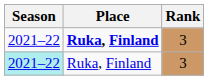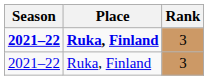 <table class="wikitable sortable" style="text-align:center;">
 <tr>
 <th>Season</th>
 <th>Place</th>
 <th>Rank</th>
 </tr>
 <tr>
-<td><a href='#'>2021–22</a></td>
+<td><strong><a href='#'>2021–22</a></strong></td>
 <td style="text-align:left;"><strong> <a href='#'>Ruka</a>, <a href='#'>Finland</a></strong></td>
 <td bgcolor="cc9966">3</td>
 </tr>
 <tr>
-<td style="background: paleturquoise;"><a href='#'>2021–22</a></td>
+<td><a href='#'>2021–22</a></td>
 <td style="text-align:left;"> <a href='#'>Ruka</a>, <a href='#'>Finland</a></td>
 <td bgcolor="cc9966">3</td>
 </tr>
 </table>
